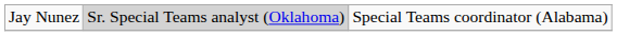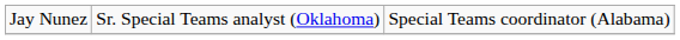 <table class="wikitable">
 <tr>
 </tr>
 <tr>
 <td>Jay Nunez</td>
-<td style="background: lightgrey;">Sr. Special Teams analyst (<a href='#'>Oklahoma</a>)</td>
+<td>Sr. Special Teams analyst (<a href='#'>Oklahoma</a>)</td>
 <td>Special Teams coordinator (Alabama) </td>
 </tr>
 <tr>
 </tr>
 </table>
